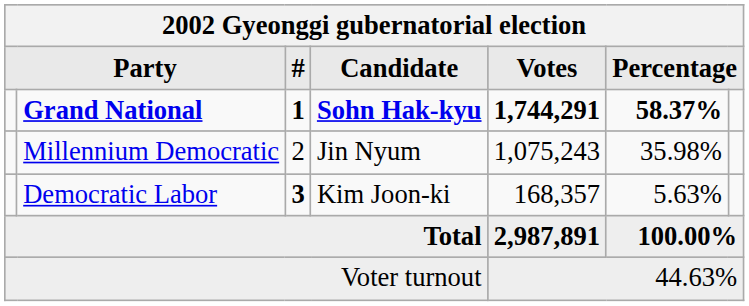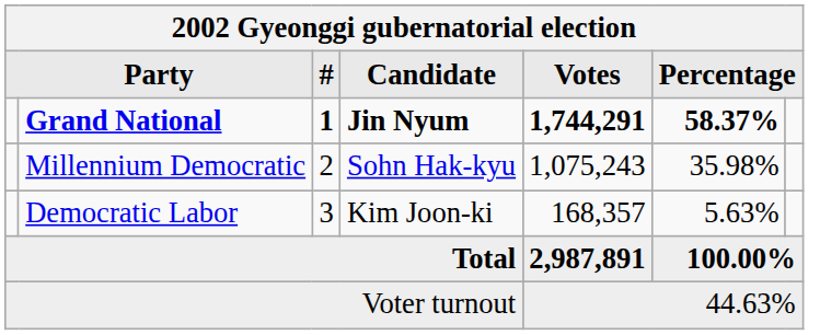 <table class="wikitable">
 <tr>
 <th colspan="7">2002 Gyeonggi gubernatorial election</th>
 </tr>
 <tr>
 <th style="background-color:#E9E9E9" colspan=2>Party</th>
 <th style="background-color:#E9E9E9">#</th>
 <th style="background-color:#E9E9E9">Candidate</th>
 <th style="background-color:#E9E9E9">Votes</th>
 <th style="background-color:#E9E9E9" colspan=2>Percentage</th>
 </tr>
 <tr style="font-weight:bold">
 <td></td>
 <td align=left><a href='#'>Grand National</a></td>
 <td align=center>1</td>
-<td align=left><a href='#'>Sohn Hak-kyu</a></td>
+<td align=left>Jin Nyum</td>
 <td align=right>1,744,291</td>
 <td align=right>58.37%</td>
 <td align=right></td>
 </tr>
 <tr>
 <td></td>
 <td align=left><a href='#'>Millennium Democratic</a></td>
 <td align=center>2</td>
-<td align=left>Jin Nyum</td>
+<td align=left><a href='#'>Sohn Hak-kyu</a></td>
 <td align=right>1,075,243</td>
 <td align=right>35.98%</td>
 <td align=right></td>
 </tr>
 <tr>
 <td></td>
 <td align=left><a href='#'>Democratic Labor</a></td>
-<td align=center><strong>3</strong></td>
+<td align=center>3</td>
 <td align=left>Kim Joon-ki</td>
 <td align=right>168,357</td>
 <td align=right>5.63%</td>
 <td align=right></td>
 </tr>
 <tr bgcolor="#EEEEEE" style="font-weight:bold">
 <td colspan="4" align=right>Total</td>
 <td align=right>2,987,891</td>
 <td align=right colspan=2>100.00%</td>
 </tr>
 <tr bgcolor="#EEEEEE">
 <td colspan="4" align="right">Voter turnout</td>
 <td colspan="3" align="right">44.63%</td>
 </tr>
 </table>
